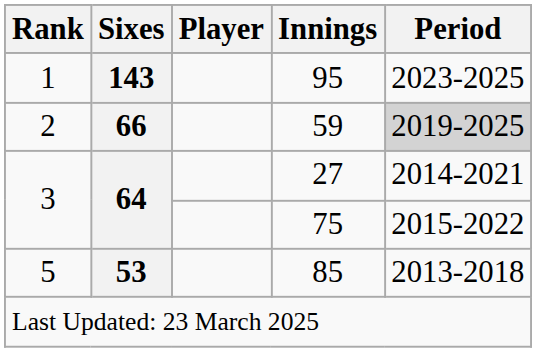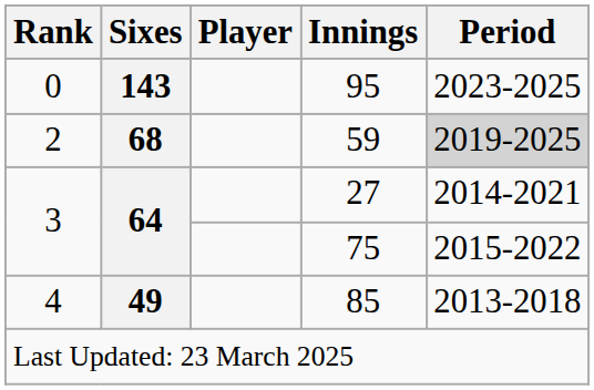 <table class="wikitable">
 <tr>
 <th style="text-align:center;">Rank</th>
 <th style="text-align:center;">Sixes</th>
 <th style="text-align:center;">Player</th>
 <th style="text-align:center;">Innings</th>
 <th style="text-align:center;">Period</th>
 </tr>
 <tr>
-<td align=center>1</td>
+<td align=center>0</td>
 <th scope=row style=text-align:center;>143</th>
 <td></td>
 <td align=center>95</td>
 <td>2023-2025</td>
 </tr>
 <tr>
 <td align=center>2</td>
-<th scope=row style=text-align:center;>66</th>
+<th scope=row style=text-align:center;>68</th>
 <td> </td>
 <td align=center>59</td>
 <td style="background: lightgrey;">2019-2025</td>
 </tr>
 <tr>
 <td align=center rowspan=2>3</td>
 <th scope=row style=text-align:center; rowspan=2>64</th>
 <td> </td>
 <td align=center>27</td>
 <td>2014-2021</td>
 </tr>
 <tr>
 <td></td>
 <td align=center>75</td>
 <td>2015-2022</td>
 </tr>
 <tr>
-<td align=center>5</td>
-<th scope=row style=text-align:center;>53</th>
+<td align=center>4</td>
+<th scope=row style=text-align:center;>49</th>
 <td></td>
 <td align=center>85</td>
 <td>2013-2018</td>
 </tr>
 <tr class=sortbottom>
 <td colspan=6><small>Last Updated: 23 March 2025</small></td>
 </tr>
 </table>
